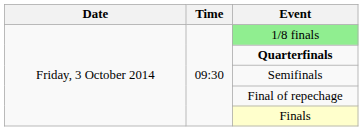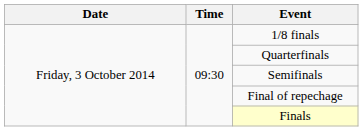 <table class = "wikitable" style="text-align:center;">
 <tr>
 <th width=220>Date</th>
 <th width=50>Time</th>
 <th width=150>Event</th>
 </tr>
 <tr>
 <td rowspan=5>Friday, 3 October 2014</td>
 <td rowspan=5>09:30</td>
-<td style="background: lightgreen;">1/8 finals</td>
+<td>1/8 finals</td>
 </tr>
 <tr>
-<td><strong>Quarterfinals</strong></td>
+<td>Quarterfinals</td>
 </tr>
 <tr>
 <td>Semifinals</td>
 </tr>
 <tr>
 <td>Final of repechage</td>
 </tr>
 <tr>
 <td bgcolor=ffffcc>Finals</td>
 </tr>
 </table>
